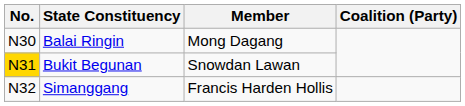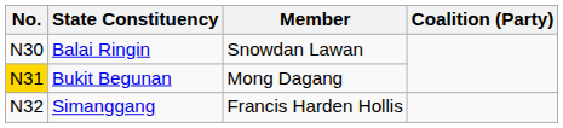 <table class="wikitable">
 <tr>
 <th>No.</th>
 <th>State Constituency</th>
 <th>Member</th>
 <th>Coalition (Party)</th>
 </tr>
 <tr>
 <td>N30</td>
 <td><a href='#'>Balai Ringin</a></td>
-<td>Mong Dagang</td>
+<td>Snowdan Lawan</td>
 <td rowspan="2"></td>
 </tr>
 <tr>
 <td style="background: gold;">N31</td>
 <td><a href='#'>Bukit Begunan</a></td>
-<td>Snowdan Lawan</td>
+<td>Mong Dagang</td>
 </tr>
 <tr>
 <td>N32</td>
 <td><a href='#'>Simanggang</a></td>
 <td>Francis Harden Hollis</td>
 <td></td>
 </tr>
 </table>
